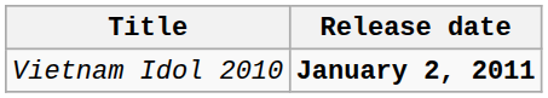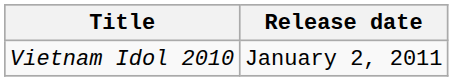 <table class="wikitable" style="text-align:center;">
 <tr>
 <th>Title</th>
 <th>Release date</th>
 </tr>
 <tr>
 <td align="left"><em>Vietnam Idol 2010</em></td>
-<td><strong>January 2, 2011</strong></td>
+<td>January 2, 2011</td>
 </tr>
 </table>
